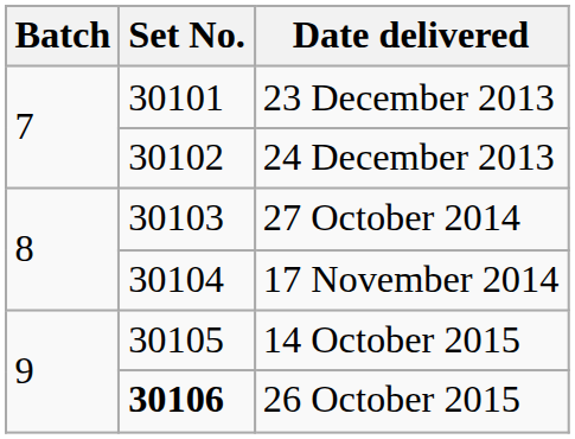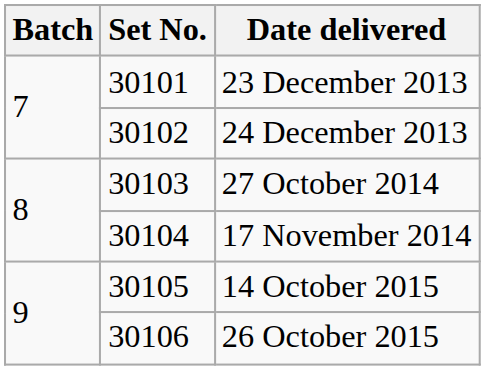 <table class="wikitable">
 <tr>
 <th>Batch</th>
 <th>Set No.</th>
 <th>Date delivered</th>
 </tr>
 <tr>
 <td rowspan="2">7</td>
 <td>30101</td>
 <td>23 December 2013</td>
 </tr>
 <tr>
 <td>30102</td>
 <td>24 December 2013</td>
 </tr>
 <tr>
 <td rowspan="2">8</td>
 <td>30103</td>
 <td>27 October 2014</td>
 </tr>
 <tr>
 <td>30104</td>
 <td>17 November 2014</td>
 </tr>
 <tr>
 <td rowspan="2">9</td>
 <td>30105</td>
 <td>14 October 2015</td>
 </tr>
 <tr>
-<td><strong>30106</strong></td>
+<td>30106</td>
 <td>26 October 2015</td>
 </tr>
 </table>
